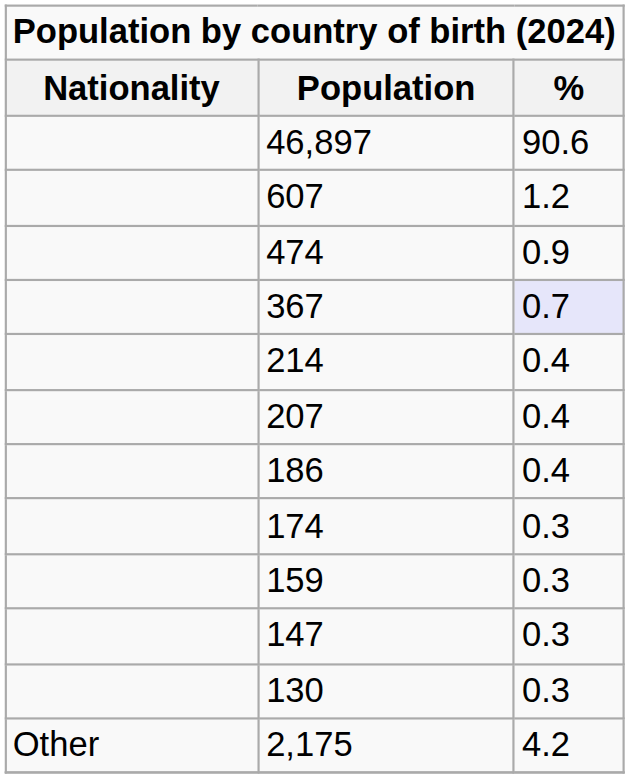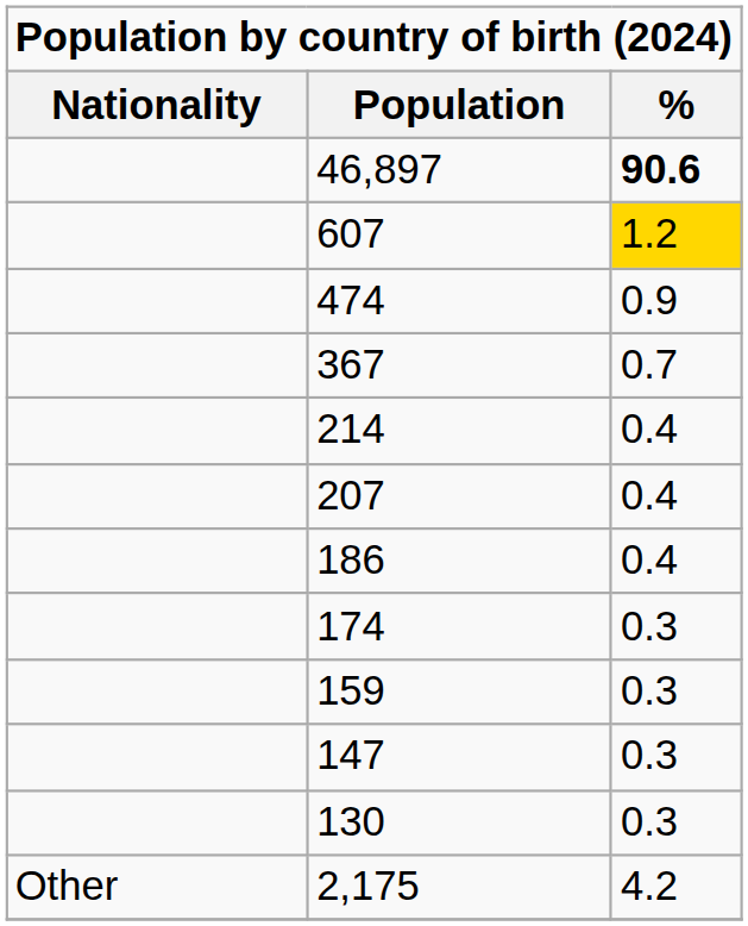 <table class="wikitable" style="float:right;">
 <tr>
 <td colspan="3"><strong>Population by country of birth (2024)</strong></td>
 </tr>
 <tr \>
 <th>Nationality</th>
 <th>Population</th>
 <th>%</th>
 </tr>
 <tr>
 <td></td>
 <td>46,897</td>
-<td>90.6</td>
+<td><strong>90.6</strong></td>
 </tr>
 <tr>
 <td></td>
 <td>607</td>
-<td>1.2</td>
+<td style="background: gold;">1.2</td>
 </tr>
 <tr>
 <td></td>
 <td>474</td>
 <td>0.9</td>
 </tr>
 <tr>
 <td></td>
 <td>367</td>
-<td style="background: lavender;">0.7</td>
+<td>0.7</td>
 </tr>
 <tr>
 <td></td>
 <td>214</td>
 <td>0.4</td>
 </tr>
 <tr>
 <td></td>
 <td>207</td>
 <td>0.4</td>
 </tr>
 <tr>
 <td></td>
 <td>186</td>
 <td>0.4</td>
 </tr>
 <tr>
 <td></td>
 <td>174</td>
 <td>0.3</td>
 </tr>
 <tr>
 <td></td>
 <td>159</td>
 <td>0.3</td>
 </tr>
 <tr>
 <td></td>
 <td>147</td>
 <td>0.3</td>
 </tr>
 <tr>
 <td></td>
 <td>130</td>
 <td>0.3</td>
 </tr>
 <tr>
 <td>Other</td>
 <td>2,175</td>
 <td>4.2</td>
 </tr>
 <tr>
 </tr>
 </table>
